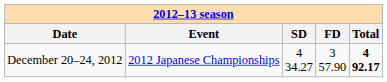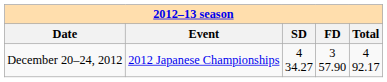 <table class="wikitable">
 <tr>
 <th colspan="5" style="background-color: #ffdead; "><a href='#'>2012–13 season</a></th>
 </tr>
 <tr>
 <th>Date</th>
 <th>Event</th>
 <th>SD</th>
 <th>FD</th>
 <th>Total</th>
 </tr>
 <tr>
 <td>December 20–24, 2012</td>
 <td><a href='#'>2012 Japanese Championships</a></td>
 <td align="center">4 <br> 34.27</td>
 <td align="center">3 <br> 57.90</td>
-<td align="center"><strong>4 <br> 92.17</strong></td>
+<td align="center">4 <br> 92.17</td>
 </tr>
 </table>
